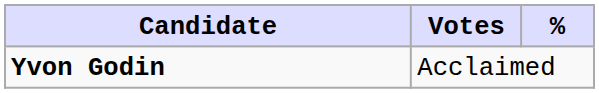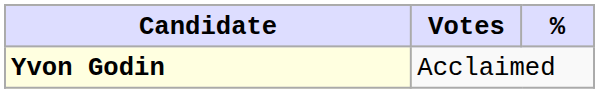 <table class="wikitable">
 <tr>
 <th style="background:#ddf; width:200px;">Candidate</th>
 <th style="background:#ddf; width:50px;">Votes</th>
 <th style="background:#ddf; width:30px;">%</th>
 </tr>
 <tr>
-<td><strong>Yvon Godin</strong></td>
+<td style="background: lightyellow;"><strong>Yvon Godin</strong></td>
 <td colspan="2">Acclaimed</td>
 </tr>
 </table>
